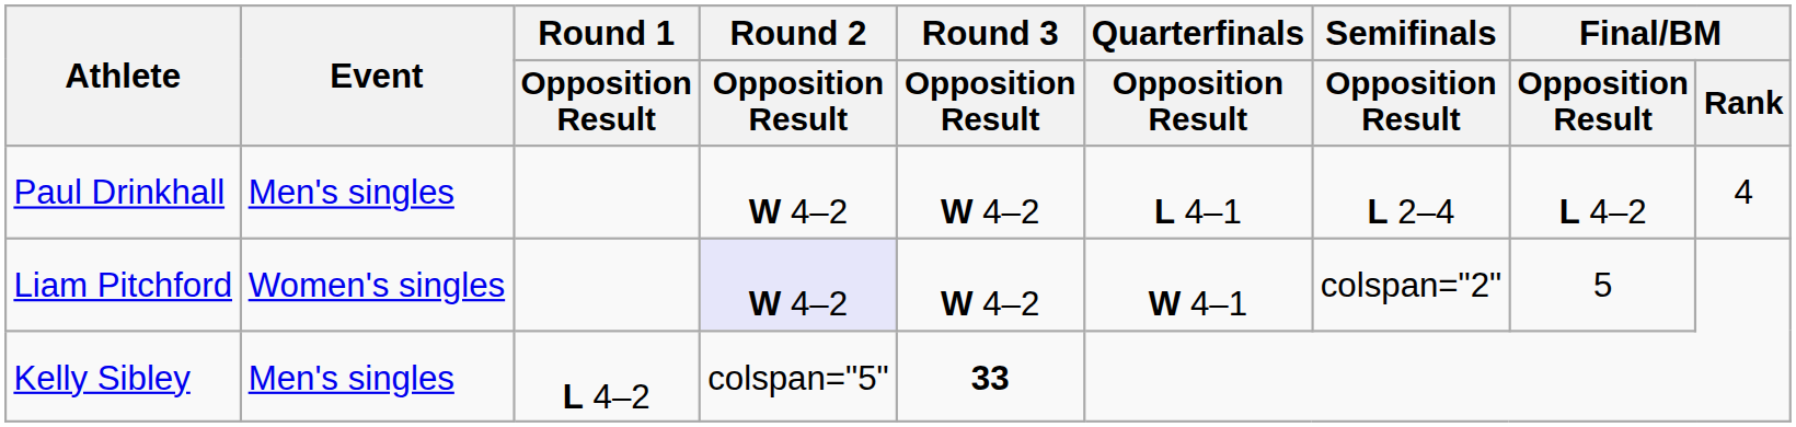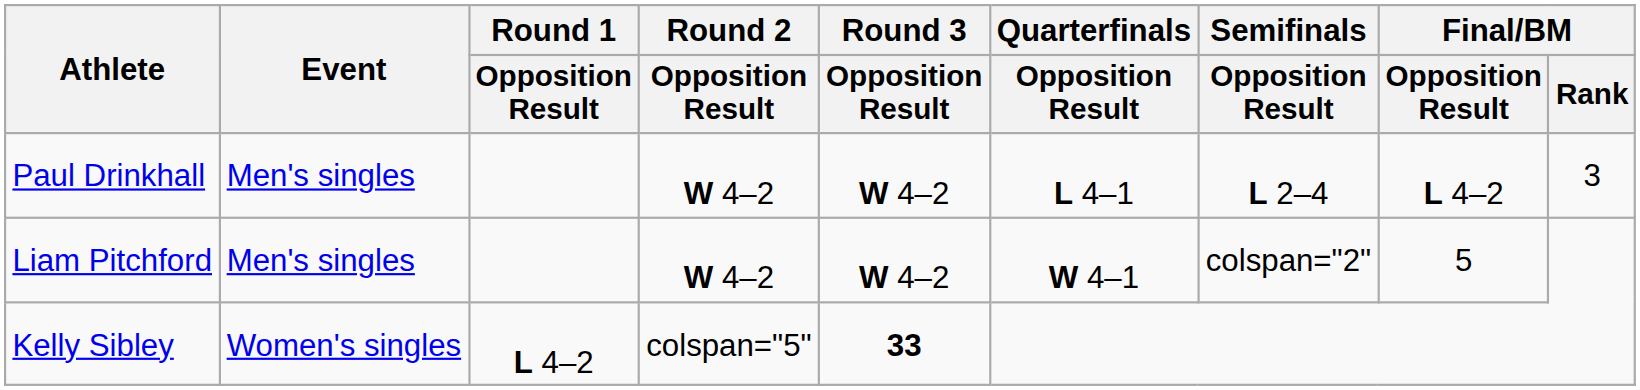 <table class="wikitable" style="font-size:90%;">
 <tr>
 <th rowspan=2>Athlete</th>
 <th rowspan=2>Event</th>
 <th>Round 1</th>
 <th>Round 2</th>
 <th>Round 3</th>
 <th>Quarterfinals</th>
 <th>Semifinals</th>
 <th colspan=2>Final/BM</th>
 </tr>
 <tr style="font-size:95%">
 <th>Opposition<br>Result</th>
 <th>Opposition<br>Result</th>
 <th>Opposition<br>Result</th>
 <th>Opposition<br>Result</th>
 <th>Opposition<br>Result</th>
 <th>Opposition<br>Result</th>
 <th>Rank</th>
 </tr>
 <tr align=center>
 <td align=left><a href='#'>Paul Drinkhall</a></td>
 <td align=left><a href='#'>Men's singles</a></td>
 <td></td>
 <td><br><strong>W</strong> 4–2</td>
 <td><br><strong>W</strong> 4–2</td>
 <td><br><strong>L</strong> 4–1</td>
 <td><br> <strong>L</strong> 2–4</td>
 <td><br> <strong>L</strong> 4–2</td>
-<td>4</td>
+<td>3</td>
 </tr>
 <tr align=center>
 <td align=left><a href='#'>Liam Pitchford</a></td>
-<td align=left><a href='#'>Women's singles</a></td>
+<td align=left><a href='#'>Men's singles</a></td>
 <td></td>
-<td style="background: lavender;"><br><strong>W</strong> 4–2</td>
+<td><br><strong>W</strong> 4–2</td>
 <td><br><strong>W</strong> 4–2</td>
 <td><br><strong>W</strong> 4–1</td>
 <td>colspan="2" </td>
 <td>5</td>
 </tr>
 <tr align=center>
 <td align=left><a href='#'>Kelly Sibley</a></td>
-<td align=left><a href='#'>Men's singles</a></td>
+<td align=left><a href='#'>Women's singles</a></td>
 <td><br><strong>L</strong> 4–2</td>
 <td>colspan="5" </td>
 <td><strong>33</strong></td>
 </tr>
 </table>
